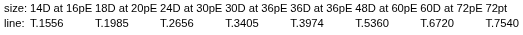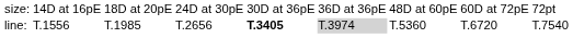 <table style="margin-left:40px;">
 <tr>
 <td>size:</td>
 <td>14D at 16pE</td>
 <td>18D at 20pE</td>
 <td>24D at 30pE</td>
 <td>30D at 36pE</td>
 <td>36D at 36pE</td>
 <td>48D at 60pE</td>
 <td>60D at 72pE</td>
 <td>72pt</td>
 </tr>
 <tr>
 <td>line:</td>
 <td>T.1556</td>
 <td>T.1985</td>
 <td>T.2656</td>
-<td>T.3405</td>
-<td>T.3974</td>
+<td><strong>T.3405</strong></td>
+<td style="background: lightgrey;">T.3974</td>
 <td>T.5360</td>
 <td>T.6720</td>
 <td>T.7540</td>
 </tr>
 </table>
